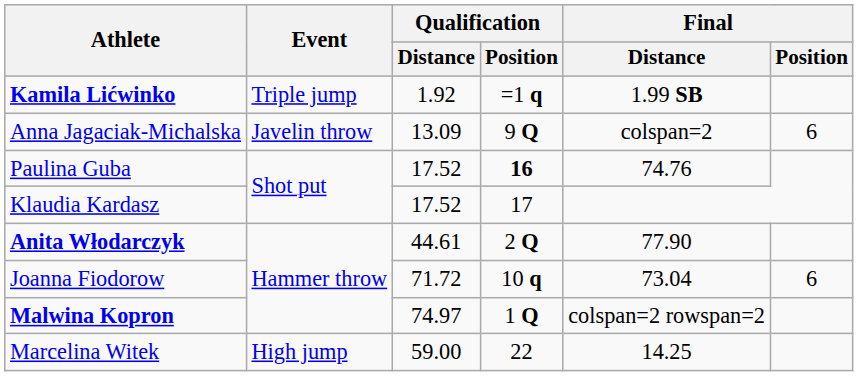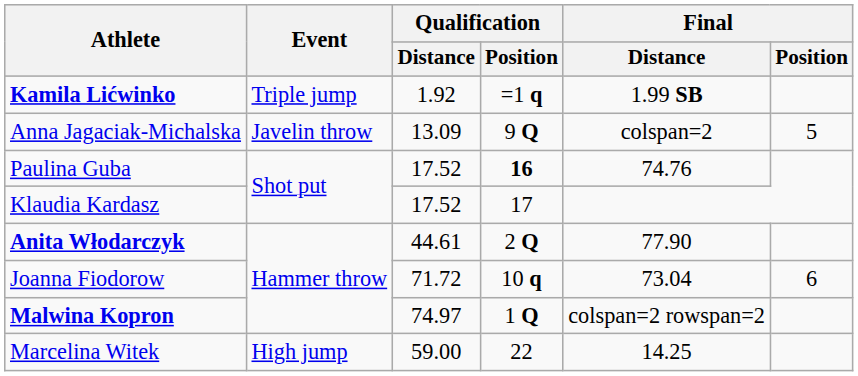 <table class=wikitable style="font-size:90%">
 <tr>
 <th rowspan="2">Athlete</th>
 <th rowspan="2">Event</th>
 <th colspan="2">Qualification</th>
 <th colspan="2">Final</th>
 </tr>
 <tr style="font-size:95%">
 <th>Distance</th>
 <th>Position</th>
 <th>Distance</th>
 <th>Position</th>
 </tr>
 <tr style=text-align:center>
 <td style=text-align:left><strong><a href='#'>Kamila Lićwinko</a></strong></td>
 <td style=text-align:left><a href='#'>Triple jump</a></td>
 <td>1.92</td>
 <td>=1 <strong>q</strong></td>
 <td>1.99 <strong>SB</strong></td>
 <td></td>
 </tr>
 <tr style=text-align:center>
 <td style=text-align:left><a href='#'>Anna Jagaciak-Michalska</a></td>
 <td style=text-align:left><a href='#'>Javelin throw</a></td>
 <td>13.09</td>
 <td>9 <strong>Q</strong></td>
 <td>colspan=2 </td>
-<td>6</td>
+<td>5</td>
 </tr>
 <tr style=text-align:center>
 <td style=text-align:left><a href='#'>Paulina Guba</a></td>
 <td style=text-align:left rowspan=2><a href='#'>Shot put</a></td>
 <td>17.52</td>
 <td><strong>16</strong></td>
 <td>74.76</td>
 </tr>
 <tr style=text-align:center>
 <td style=text-align:left><a href='#'>Klaudia Kardasz</a></td>
 <td>17.52</td>
 <td>17</td>
 </tr>
 <tr style=text-align:center>
 <td style=text-align:left><strong><a href='#'>Anita Włodarczyk</a></strong></td>
 <td style=text-align:left rowspan=3><a href='#'>Hammer throw</a></td>
 <td>44.61</td>
 <td>2 <strong>Q</strong></td>
 <td>77.90</td>
 <td></td>
 </tr>
 <tr style=text-align:center>
 <td style=text-align:left><a href='#'>Joanna Fiodorow</a></td>
 <td>71.72</td>
 <td>10 <strong>q</strong></td>
 <td>73.04</td>
 <td>6</td>
 </tr>
 <tr style=text-align:center>
 <td style=text-align:left><strong><a href='#'>Malwina Kopron</a></strong></td>
 <td>74.97</td>
 <td>1 <strong>Q</strong></td>
 <td>colspan=2 rowspan=2 </td>
 <td></td>
 </tr>
 <tr style=text-align:center>
 <td style=text-align:left><a href='#'>Marcelina Witek</a></td>
 <td style=text-align:left><a href='#'>High jump</a></td>
 <td>59.00</td>
 <td>22</td>
 <td>14.25</td>
 </tr>
 </table>
